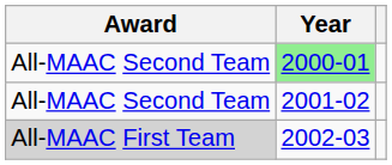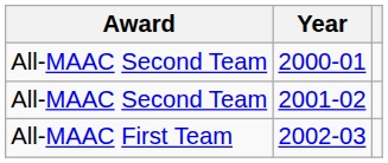 <table class="wikitable">
 <tr>
 <th>Award</th>
 <th>Year</th>
 <th></th>
 </tr>
 <tr>
 <td>All-<a href='#'>MAAC</a> <a href='#'>Second Team</a></td>
-<td style="background: lightgreen;"><a href='#'>2000-01</a></td>
+<td><a href='#'>2000-01</a></td>
 <td></td>
 </tr>
 <tr>
 <td>All-<a href='#'>MAAC</a> <a href='#'>Second Team</a></td>
 <td><a href='#'>2001-02</a></td>
 <td></td>
 </tr>
 <tr>
-<td style="background: lightgrey;">All-<a href='#'>MAAC</a> <a href='#'>First Team</a></td>
+<td>All-<a href='#'>MAAC</a> <a href='#'>First Team</a></td>
 <td><a href='#'>2002-03</a></td>
 <td></td>
 </tr>
 </table>
